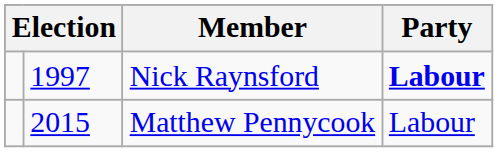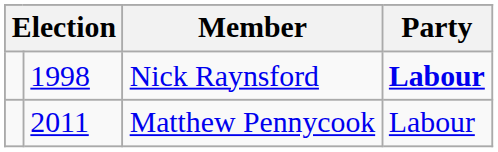 <table class="wikitable">
 <tr>
 <th colspan="2">Election</th>
 <th>Member</th>
 <th>Party</th>
 </tr>
 <tr>
 <td style="color:inherit;background-color: "></td>
-<td><a href='#'>1997</a></td>
+<td><a href='#'>1998</a></td>
 <td><a href='#'>Nick Raynsford</a></td>
 <td><strong><a href='#'>Labour</a></strong></td>
 </tr>
 <tr>
 <td style="color:inherit;background-color: "></td>
-<td><a href='#'>2015</a></td>
+<td><a href='#'>2011</a></td>
 <td><a href='#'>Matthew Pennycook</a></td>
 <td><a href='#'>Labour</a></td>
 </tr>
 </table>
